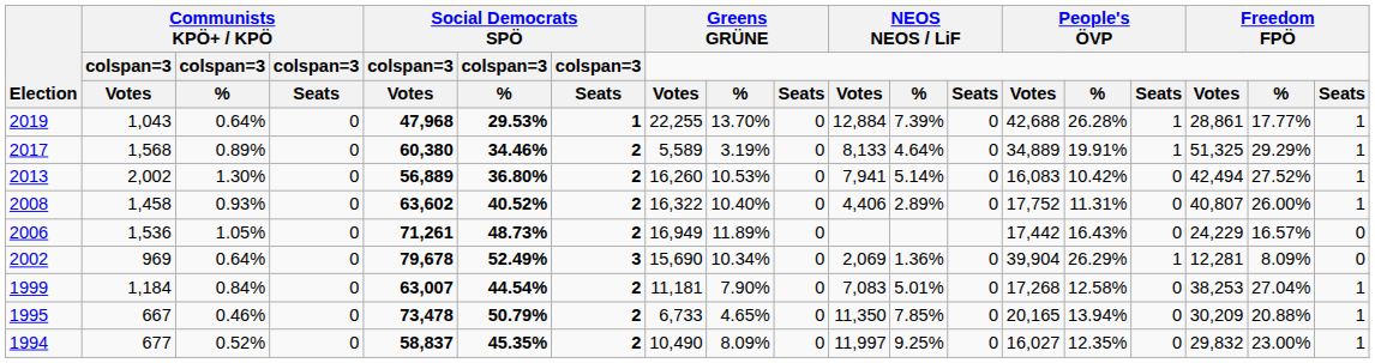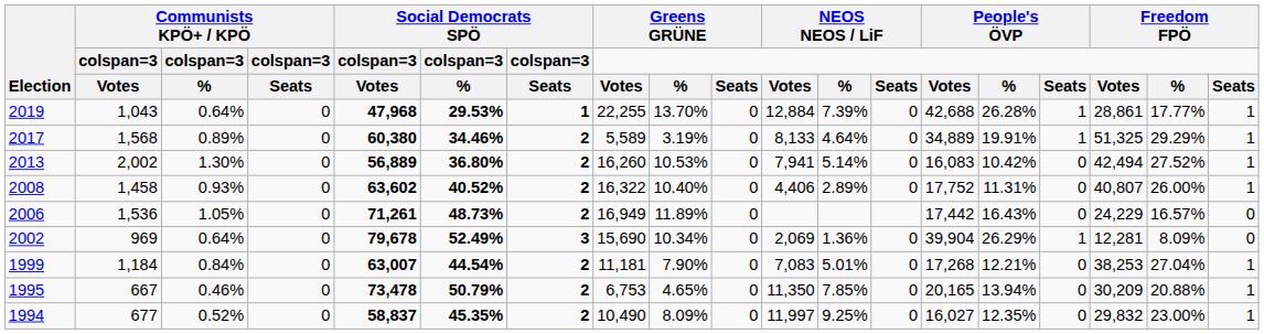 <table class="wikitable" border="1" style="font-size:100%; text-align:right;">
 <tr>
 <th style="text-align:left;" valign=bottom rowspan=3>Election</th>
 <th valign=bottom colspan=3><a href='#'>Communists</a><br>KPÖ+ / KPÖ</th>
 <th valign=bottom colspan=3><a href='#'>Social Democrats</a><br>SPÖ</th>
 <th valign=bottom colspan=3><a href='#'>Greens</a><br>GRÜNE</th>
 <th valign=bottom colspan=3><a href='#'>NEOS</a><br>NEOS / LiF</th>
 <th valign=bottom colspan=3><a href='#'>People's</a><br>ÖVP</th>
 <th valign=bottom colspan=3><a href='#'>Freedom</a><br>FPÖ</th>
 </tr>
 <tr>
 <th>colspan=3 </th>
 <th>colspan=3 </th>
 <th>colspan=3 </th>
 <th>colspan=3 </th>
 <th>colspan=3 </th>
 <th>colspan=3 </th>
 </tr>
 <tr>
 <th>Votes</th>
 <th>%</th>
 <th>Seats</th>
 <th>Votes</th>
 <th>%</th>
 <th>Seats</th>
 <th>Votes</th>
 <th>%</th>
 <th>Seats</th>
 <th>Votes</th>
 <th>%</th>
 <th>Seats</th>
 <th>Votes</th>
 <th>%</th>
 <th>Seats</th>
 <th>Votes</th>
 <th>%</th>
 <th>Seats</th>
 </tr>
 <tr>
 <td align=left><a href='#'>2019</a></td>
 <td>1,043</td>
 <td>0.64%</td>
 <td>0</td>
 <td><strong>47,968</strong></td>
 <td><strong>29.53%</strong></td>
 <td><strong>1</strong></td>
 <td>22,255</td>
 <td>13.70%</td>
 <td>0</td>
 <td>12,884</td>
 <td>7.39%</td>
 <td>0</td>
 <td>42,688</td>
 <td>26.28%</td>
 <td>1</td>
 <td>28,861</td>
 <td>17.77%</td>
 <td>1</td>
 </tr>
 <tr>
 <td align=left><a href='#'>2017</a></td>
 <td>1,568</td>
 <td>0.89%</td>
 <td>0</td>
 <td><strong>60,380</strong></td>
 <td><strong>34.46%</strong></td>
 <td><strong>2</strong></td>
 <td>5,589</td>
 <td>3.19%</td>
 <td>0</td>
 <td>8,133</td>
 <td>4.64%</td>
 <td>0</td>
 <td>34,889</td>
 <td>19.91%</td>
 <td>1</td>
 <td>51,325</td>
 <td>29.29%</td>
 <td>1</td>
 </tr>
 <tr>
 <td align=left><a href='#'>2013</a></td>
 <td>2,002</td>
 <td>1.30%</td>
 <td>0</td>
 <td><strong>56,889</strong></td>
 <td><strong>36.80%</strong></td>
 <td><strong>2</strong></td>
 <td>16,260</td>
 <td>10.53%</td>
 <td>0</td>
 <td>7,941</td>
 <td>5.14%</td>
 <td>0</td>
 <td>16,083</td>
 <td>10.42%</td>
 <td>0</td>
 <td>42,494</td>
 <td>27.52%</td>
 <td>1</td>
 </tr>
 <tr>
 <td align=left><a href='#'>2008</a></td>
 <td>1,458</td>
 <td>0.93%</td>
 <td>0</td>
 <td><strong>63,602</strong></td>
 <td><strong>40.52%</strong></td>
 <td><strong>2</strong></td>
 <td>16,322</td>
 <td>10.40%</td>
 <td>0</td>
 <td>4,406</td>
 <td>2.89%</td>
 <td>0</td>
 <td>17,752</td>
 <td>11.31%</td>
 <td>0</td>
 <td>40,807</td>
 <td>26.00%</td>
 <td>1</td>
 </tr>
 <tr>
 <td align=left><a href='#'>2006</a></td>
 <td>1,536</td>
 <td>1.05%</td>
 <td>0</td>
 <td><strong>71,261</strong></td>
 <td><strong>48.73%</strong></td>
 <td><strong>2</strong></td>
 <td>16,949</td>
 <td>11.89%</td>
 <td>0</td>
 <td></td>
 <td></td>
 <td></td>
 <td>17,442</td>
 <td>16.43%</td>
 <td>0</td>
 <td>24,229</td>
 <td>16.57%</td>
 <td>0</td>
 </tr>
 <tr>
 <td align=left><a href='#'>2002</a></td>
 <td>969</td>
 <td>0.64%</td>
 <td>0</td>
 <td><strong>79,678</strong></td>
 <td><strong>52.49%</strong></td>
 <td><strong>3</strong></td>
 <td>15,690</td>
 <td>10.34%</td>
 <td>0</td>
 <td>2,069</td>
 <td>1.36%</td>
 <td>0</td>
 <td>39,904</td>
 <td>26.29%</td>
 <td>1</td>
 <td>12,281</td>
 <td>8.09%</td>
 <td>0</td>
 </tr>
 <tr>
 <td align=left><a href='#'>1999</a></td>
 <td>1,184</td>
 <td>0.84%</td>
 <td>0</td>
 <td><strong>63,007</strong></td>
 <td><strong>44.54%</strong></td>
 <td><strong>2</strong></td>
 <td>11,181</td>
 <td>7.90%</td>
 <td>0</td>
 <td>7,083</td>
 <td>5.01%</td>
 <td>0</td>
 <td>17,268</td>
-<td>12.58%</td>
+<td>12.21%</td>
 <td>0</td>
 <td>38,253</td>
 <td>27.04%</td>
 <td>1</td>
 </tr>
 <tr>
 <td align=left><a href='#'>1995</a></td>
 <td>667</td>
 <td>0.46%</td>
 <td>0</td>
 <td><strong>73,478</strong></td>
 <td><strong>50.79%</strong></td>
 <td><strong>2</strong></td>
-<td>6,733</td>
+<td>6,753</td>
 <td>4.65%</td>
 <td>0</td>
 <td>11,350</td>
 <td>7.85%</td>
 <td>0</td>
 <td>20,165</td>
 <td>13.94%</td>
 <td>0</td>
 <td>30,209</td>
 <td>20.88%</td>
 <td>1</td>
 </tr>
 <tr>
 <td align=left><a href='#'>1994</a></td>
 <td>677</td>
 <td>0.52%</td>
 <td>0</td>
 <td><strong>58,837</strong></td>
 <td><strong>45.35%</strong></td>
 <td><strong>2</strong></td>
 <td>10,490</td>
 <td>8.09%</td>
 <td>0</td>
 <td>11,997</td>
 <td>9.25%</td>
 <td>0</td>
 <td>16,027</td>
 <td>12.35%</td>
 <td>0</td>
 <td>29,832</td>
 <td>23.00%</td>
 <td>1</td>
 </tr>
 </table>
